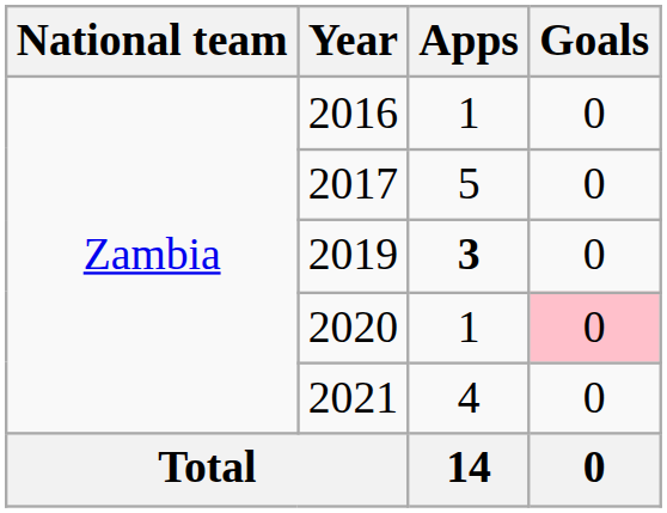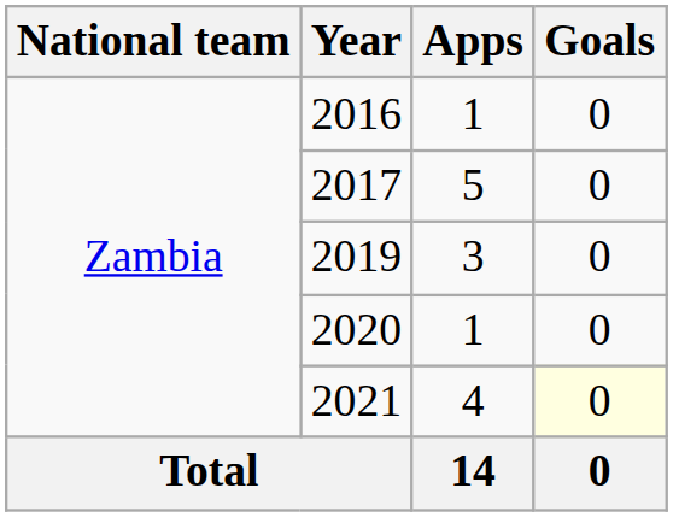 <table class="wikitable" style="text-align:center">
 <tr>
 <th>National team</th>
 <th>Year</th>
 <th>Apps</th>
 <th>Goals</th>
 </tr>
 <tr>
 <td rowspan="5"><a href='#'>Zambia</a></td>
 <td>2016</td>
 <td>1</td>
 <td>0</td>
 </tr>
 <tr>
 <td>2017</td>
 <td>5</td>
 <td>0</td>
 </tr>
 <tr>
 <td>2019</td>
-<td><strong>3</strong></td>
+<td>3</td>
 <td>0</td>
 </tr>
 <tr>
 <td>2020</td>
 <td>1</td>
-<td style="background: pink;">0</td>
+<td>0</td>
 </tr>
 <tr>
 <td>2021</td>
 <td>4</td>
-<td>0</td>
+<td style="background: lightyellow;">0</td>
 </tr>
 <tr>
 <th colspan=2>Total</th>
 <th>14</th>
 <th>0</th>
 </tr>
 </table>
